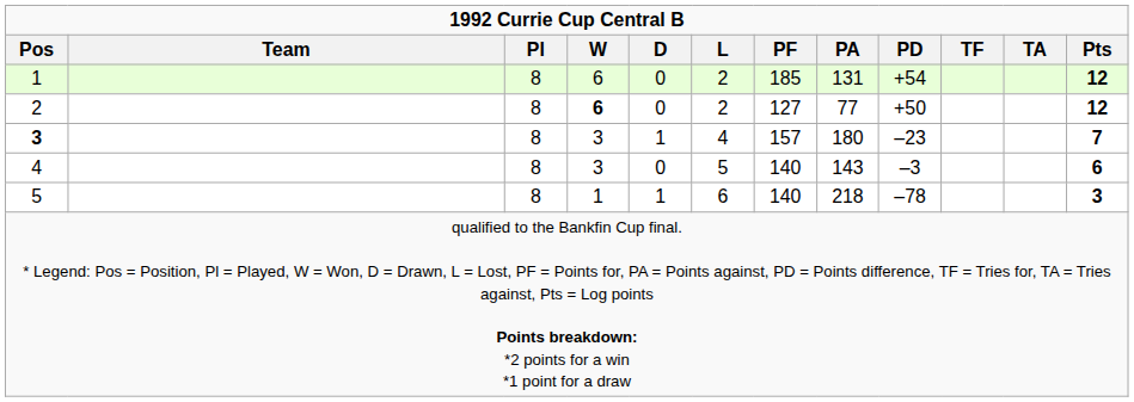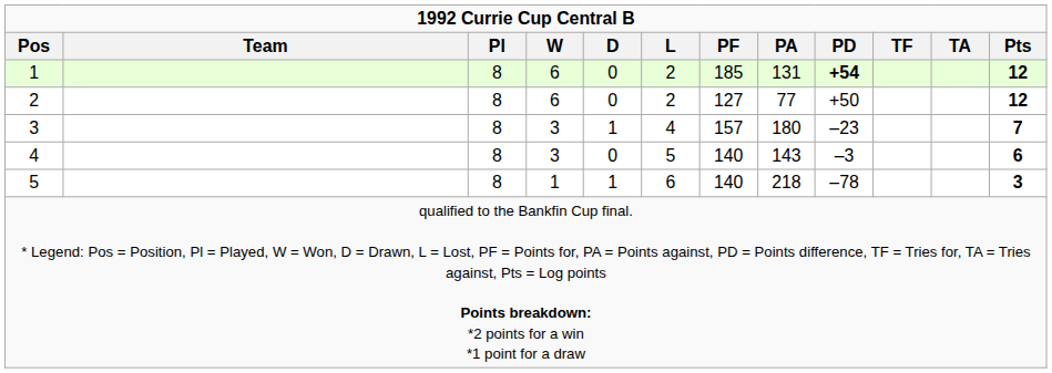 <table class="wikitable" style="text-align:center; line-height:110%; font-size:100%; width:60%;">
 <tr>
 <td colspan="12" cellpadding="0" cellspacing="0"><strong>1992 Currie Cup Central B</strong></td>
 </tr>
 <tr>
 <th style="width:5%;">Pos</th>
 <th style="width:35%;">Team</th>
 <th style="width:5%;">Pl</th>
 <th style="width:5%;">W</th>
 <th style="width:5%;">D</th>
 <th style="width:5%;">L</th>
 <th style="width:5%;">PF</th>
 <th style="width:5%;">PA</th>
 <th style="width:5%;">PD</th>
 <th style="width:5%;">TF</th>
 <th style="width:5%;">TA</th>
 <th style="width:5%;">Pts<br></th>
 </tr>
 <tr bgcolor=#E8FFD8 align=center>
 <td>1</td>
 <td align=left></td>
 <td>8</td>
 <td>6</td>
 <td>0</td>
 <td>2</td>
 <td>185</td>
 <td>131</td>
-<td>+54</td>
+<td><strong>+54</strong></td>
 <td></td>
 <td></td>
 <td><strong>12</strong></td>
 </tr>
 <tr bgcolor=#FFFFFF align=center>
 <td>2</td>
 <td align=left></td>
 <td>8</td>
-<td><strong>6</strong></td>
+<td>6</td>
 <td>0</td>
 <td>2</td>
 <td>127</td>
 <td>77</td>
 <td>+50</td>
 <td></td>
 <td></td>
 <td><strong>12</strong></td>
 </tr>
 <tr bgcolor=#FFFFFF align=center>
-<td><strong>3</strong></td>
+<td>3</td>
 <td align=left></td>
 <td>8</td>
 <td>3</td>
 <td>1</td>
 <td>4</td>
 <td>157</td>
 <td>180</td>
 <td>–23</td>
 <td></td>
 <td></td>
 <td><strong>7</strong></td>
 </tr>
 <tr bgcolor=#FFFFFF align=center>
 <td>4</td>
 <td align=left></td>
 <td>8</td>
 <td>3</td>
 <td>0</td>
 <td>5</td>
 <td>140</td>
 <td>143</td>
 <td>–3</td>
 <td></td>
 <td></td>
 <td><strong>6</strong></td>
 </tr>
 <tr bgcolor=#FFFFFF align=center>
 <td>5</td>
 <td align=left></td>
 <td>8</td>
 <td>1</td>
 <td>1</td>
 <td>6</td>
 <td>140</td>
 <td>218</td>
 <td>–78</td>
 <td></td>
 <td></td>
 <td><strong>3</strong></td>
 </tr>
 <tr>
 <td colspan="12" style="border:0px"><small> qualified to the Bankfin Cup final.<br><br>* Legend: Pos = Position, Pl = Played, W = Won, D = Drawn, L = Lost, PF = Points for, PA = Points against, PD = Points difference, TF = Tries for, TA = Tries against, Pts = Log points<br><br><strong>Points breakdown:</strong><br>*2 points for a win<br>*1 point for a draw</small></td>
 </tr>
 </table>
